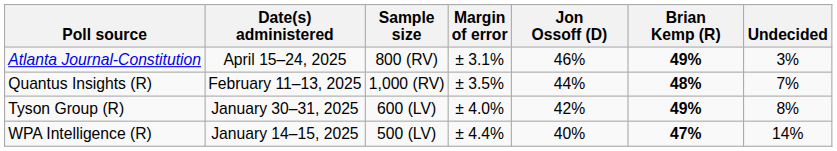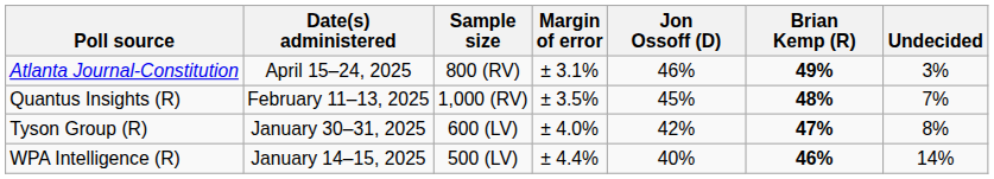 <table class="wikitable" style="font-size:90%;text-align:center;">
 <tr valign=bottom>
 <th>Poll source</th>
 <th>Date(s)<br>administered</th>
 <th>Sample<br>size</th>
 <th>Margin<br>of error</th>
 <th style="width:100px;">Jon<br>Ossoff (D)</th>
 <th style="width:100px;">Brian<br>Kemp (R)</th>
 <th>Undecided</th>
 </tr>
 <tr>
 <td style="text-align:left;"><em><a href='#'>Atlanta Journal-Constitution</a></em></td>
 <td>April 15–24, 2025</td>
 <td>800 (RV)</td>
 <td>± 3.1%</td>
 <td>46%</td>
 <td style="background-color:"><strong>49%</strong></td>
 <td>3%</td>
 </tr>
 <tr>
 <td style="text-align:left;">Quantus Insights (R)</td>
 <td>February 11–13, 2025</td>
 <td>1,000 (RV)</td>
 <td>± 3.5%</td>
-<td>44%</td>
+<td>45%</td>
 <td style="background-color:"><strong>48%</strong></td>
 <td>7%</td>
 </tr>
 <tr>
 <td style="text-align:left;">Tyson Group (R)</td>
 <td>January 30–31, 2025</td>
 <td>600 (LV)</td>
 <td>± 4.0%</td>
 <td>42%</td>
-<td style="background-color:"><strong>49%</strong></td>
+<td style="background-color:"><strong>47%</strong></td>
 <td>8%</td>
 </tr>
 <tr>
 <td style="text-align:left;">WPA Intelligence (R)</td>
 <td>January 14–15, 2025</td>
 <td>500 (LV)</td>
 <td>± 4.4%</td>
 <td>40%</td>
-<td style="background-color:"><strong>47%</strong></td>
+<td style="background-color:"><strong>46%</strong></td>
 <td>14%</td>
 </tr>
 </table>
